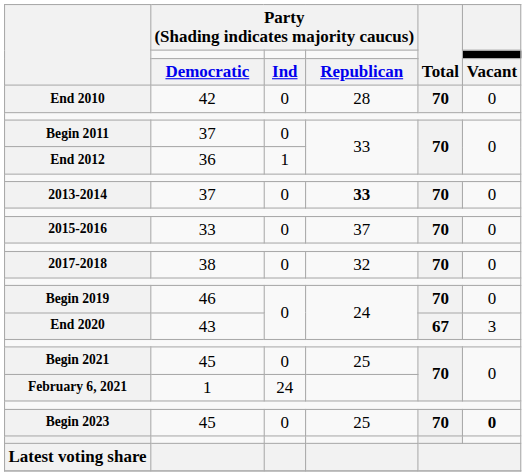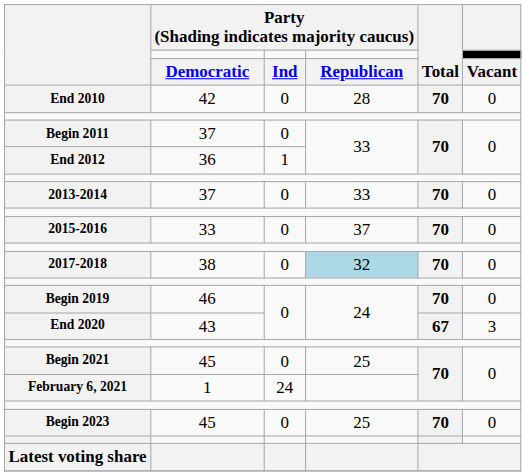 <table class=wikitable style="text-align:center">
 <tr style="vertical-align:bottom;">
 <th rowspan=3></th>
 <th colspan=3>Party <div>(Shading indicates majority caucus)</div></th>
 <th rowspan=3>Total</th>
 <th></th>
 </tr>
 <tr style="height:5px">
 <td style="background-color:"></td>
 <td style="background-color:"></td>
 <td style="background-color:"></td>
 <td style="background-color:black"></td>
 </tr>
 <tr>
 <th><a href='#'>Democratic</a></th>
 <th><a href='#'>Ind</a></th>
 <th><a href='#'>Republican</a></th>
 <th>Vacant</th>
 </tr>
 <tr>
 <th nowrap style="font-size:80%">End 2010</th>
 <td>42</td>
 <td>0</td>
 <td>28</td>
 <th>70</th>
 <td>0</td>
 </tr>
 <tr>
 <td colspan="7"></td>
 </tr>
 <tr>
 <th nowrap style="font-size:80%">Begin 2011</th>
 <td>37</td>
 <td>0</td>
 <td rowspan=2>33</td>
 <th rowspan=2>70</th>
 <td rowspan=2>0</td>
 </tr>
 <tr>
 <th nowrap style="font-size:80%">End 2012</th>
 <td>36</td>
 <td>1</td>
 </tr>
 <tr>
 <td colspan=7></td>
 </tr>
 <tr>
 <th nowrap style="font-size:80%">2013-2014</th>
 <td>37</td>
 <td>0</td>
-<td><strong>33</strong></td>
+<td>33</td>
 <th>70</th>
 <td>0</td>
 </tr>
 <tr>
 <td colspan=7></td>
 </tr>
 <tr>
 <th nowrap style="font-size:80%">2015-2016</th>
 <td>33</td>
 <td>0</td>
 <td>37</td>
 <th>70</th>
 <td>0</td>
 </tr>
 <tr>
 <td colspan=7></td>
 </tr>
 <tr>
 <th nowrap style="font-size:80%">2017-2018</th>
 <td>38</td>
 <td>0</td>
-<td>32</td>
+<td style="background: lightblue;">32</td>
 <th>70</th>
 <td>0</td>
 </tr>
 <tr>
 <td colspan=7></td>
 </tr>
 <tr>
 <th nowrap style="font-size:80%">Begin 2019</th>
 <td>46</td>
 <td rowspan=2>0</td>
 <td rowspan=2>24</td>
 <th>70</th>
 <td>0</td>
 </tr>
 <tr>
 <th nowrap style="font-size:80%">End 2020</th>
 <td>43</td>
 <th>67</th>
 <td>3</td>
 </tr>
 <tr>
 <td colspan=7></td>
 </tr>
 <tr>
 <th nowrap style="font-size:80%">Begin 2021</th>
 <td>45</td>
 <td>0</td>
 <td>25</td>
 <th rowspan=2>70</th>
 <td rowspan=2>0</td>
 </tr>
 <tr>
 <th nowrap style="font-size:80%">February 6, 2021</th>
 <td>1</td>
 <td>24</td>
 </tr>
 <tr>
 <td colspan=7></td>
 </tr>
 <tr>
 <th nowrap style="font-size:80%">Begin 2023</th>
 <td>45</td>
 <td>0</td>
 <td>25</td>
 <th rowspan=1>70</th>
-<td rowspan=1><strong>0</strong></td>
+<td rowspan=1>0</td>
 </tr>
 <tr>
 <th></th>
 <td></td>
 <td></td>
 <td></td>
 <th></th>
 <td></td>
 </tr>
 <tr>
 <th>Latest voting share</th>
 <th></th>
 <th></th>
 <th></th>
 <th colspan=2></th>
 </tr>
 <tr>
 </tr>
 </table>
